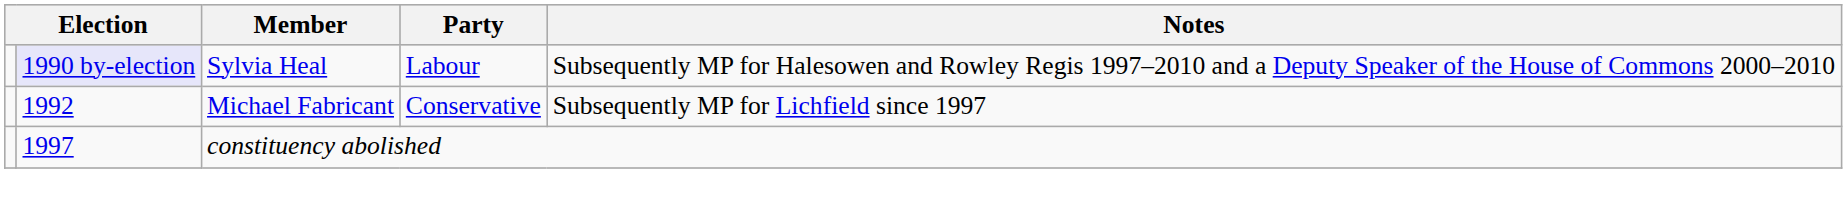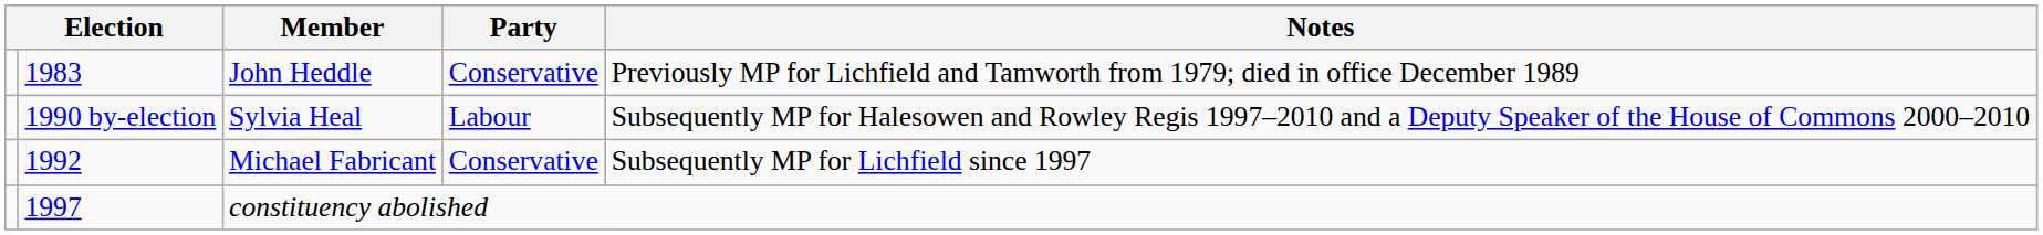 <table class="wikitable">
 <tr>
 <th colspan="2">Election</th>
 <th>Member </th>
 <th>Party</th>
 <th>Notes</th>
 </tr>
 <tr>
 <td style="color:inherit;background-color: "></td>
-<td style="background: lavender;"><a href='#'>1990 by-election</a></td>
+<td><a href='#'>1983</a></td>
+<td><a href='#'>John Heddle</a></td>
+<td><a href='#'>Conservative</a></td>
+<td>Previously MP for Lichfield and Tamworth from 1979; died in office December 1989</td>
+</tr>
+<tr>
+<td style="color:inherit;background-color: "></td>
+<td><a href='#'>1990 by-election</a></td>
 <td><a href='#'>Sylvia Heal</a></td>
 <td><a href='#'>Labour</a></td>
 <td>Subsequently MP for Halesowen and Rowley Regis 1997–2010 and a <a href='#'>Deputy Speaker of the House of Commons</a> 2000–2010</td>
 </tr>
 <tr>
 <td style="color:inherit;background-color: "></td>
 <td><a href='#'>1992</a></td>
 <td><a href='#'>Michael Fabricant</a></td>
 <td><a href='#'>Conservative</a></td>
 <td>Subsequently MP for <a href='#'>Lichfield</a> since 1997</td>
 </tr>
 <tr>
 <td></td>
 <td><a href='#'>1997</a></td>
 <td colspan="3"><em>constituency abolished</em></td>
 </tr>
 </table>
